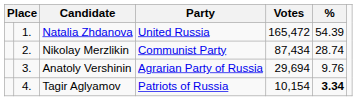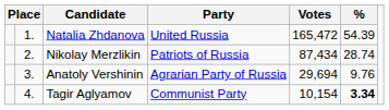 <table class="wikitable sortable">
 <tr>
 <th colspan="2">Place</th>
 <th>Candidate</th>
 <th>Party</th>
 <th>Votes</th>
 <th>%</th>
 <td rowspan = 5></td>
 </tr>
 <tr>
 <td></td>
 <td align=center>1.</td>
 <td><a href='#'>Natalia Zhdanova</a></td>
 <td><a href='#'>United Russia</a></td>
 <td align=right>165,472</td>
 <td align=right>54.39</td>
 </tr>
 <tr>
 <td></td>
 <td align=center>2.</td>
 <td>Nikolay Merzlikin</td>
-<td><a href='#'>Communist Party</a></td>
+<td><a href='#'>Patriots of Russia</a></td>
 <td align=right>87,434</td>
 <td align=right>28.74</td>
 </tr>
 <tr>
 <td></td>
 <td align=center>3.</td>
 <td>Anatoly Vershinin</td>
 <td><a href='#'>Agrarian Party of Russia</a></td>
 <td align=right>29,694</td>
 <td align=right>9.76</td>
 </tr>
 <tr>
 <td></td>
 <td align=center>4.</td>
 <td>Tagir Aglyamov</td>
-<td><a href='#'>Patriots of Russia</a></td>
+<td><a href='#'>Communist Party</a></td>
 <td align=right>10,154</td>
 <td align=right><strong>3.34</strong></td>
 </tr>
 </table>
